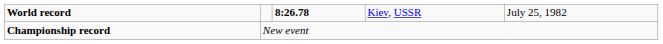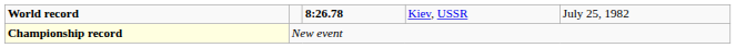 <table class="wikitable" width=75%>
 <tr>
 <td><strong>World record</strong></td>
 <td></td>
 <td><strong>8:26.78</strong></td>
 <td><a href='#'>Kiev</a>, <a href='#'>USSR</a></td>
 <td>July 25, 1982</td>
 </tr>
 <tr>
-<td><strong>Championship record</strong></td>
+<td style="background: lightyellow;"><strong>Championship record</strong></td>
 <td colspan="4"><em>New event</em></td>
 </tr>
 </table>
